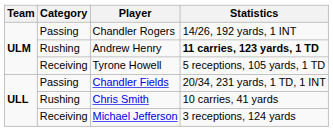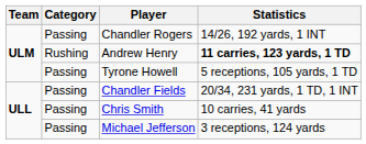 <table class="wikitable" style="float: right;">
 <tr>
 <th>Team</th>
 <th>Category</th>
 <th>Player</th>
 <th>Statistics</th>
 </tr>
 <tr>
 <td rowspan=3><strong>ULM</strong></td>
 <td>Passing</td>
 <td>Chandler Rogers</td>
 <td>14/26, 192 yards, 1 INT</td>
 </tr>
 <tr>
 <td>Rushing</td>
 <td>Andrew Henry</td>
 <td><strong>11 carries, 123 yards, 1 TD</strong></td>
 </tr>
 <tr>
-<td>Receiving</td>
+<td>Passing</td>
 <td>Tyrone Howell</td>
 <td>5 receptions, 105 yards, 1 TD</td>
 </tr>
 <tr>
 <td rowspan=3><strong>ULL</strong></td>
 <td>Passing</td>
 <td><a href='#'>Chandler Fields</a></td>
 <td>20/34, 231 yards, 1 TD, 1 INT</td>
 </tr>
 <tr>
-<td>Rushing</td>
+<td>Passing</td>
 <td><a href='#'>Chris Smith</a></td>
 <td>10 carries, 41 yards</td>
 </tr>
 <tr>
-<td>Receiving</td>
+<td>Passing</td>
 <td><a href='#'>Michael Jefferson</a></td>
 <td>3 receptions, 124 yards</td>
 </tr>
 </table>
